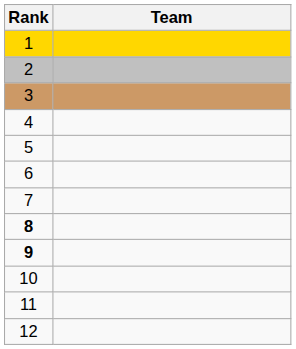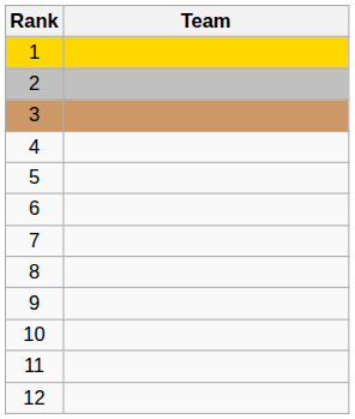 <table class="wikitable">
 <tr>
 <th>Rank</th>
 <th style="width:14em">Team</th>
 </tr>
 <tr style="background:gold;">
 <td align=center>1</td>
 <td></td>
 </tr>
 <tr style="background:silver;">
 <td align=center>2</td>
 <td></td>
 </tr>
 <tr style="background:#c96;">
 <td align=center>3</td>
 <td></td>
 </tr>
 <tr>
 <td align=center>4</td>
 <td></td>
 </tr>
 <tr>
 <td align=center>5</td>
 <td></td>
 </tr>
 <tr>
 <td align=center>6</td>
 <td></td>
 </tr>
 <tr>
 <td align=center>7</td>
 <td></td>
 </tr>
 <tr>
-<td align=center><strong>8</strong></td>
+<td align=center>8</td>
 <td></td>
 </tr>
 <tr>
-<td align=center><strong>9</strong></td>
+<td align=center>9</td>
 <td></td>
 </tr>
 <tr>
 <td align=center>10</td>
 <td></td>
 </tr>
 <tr>
 <td align=center>11</td>
 <td></td>
 </tr>
 <tr>
 <td align=center>12</td>
 <td></td>
 </tr>
 </table>
